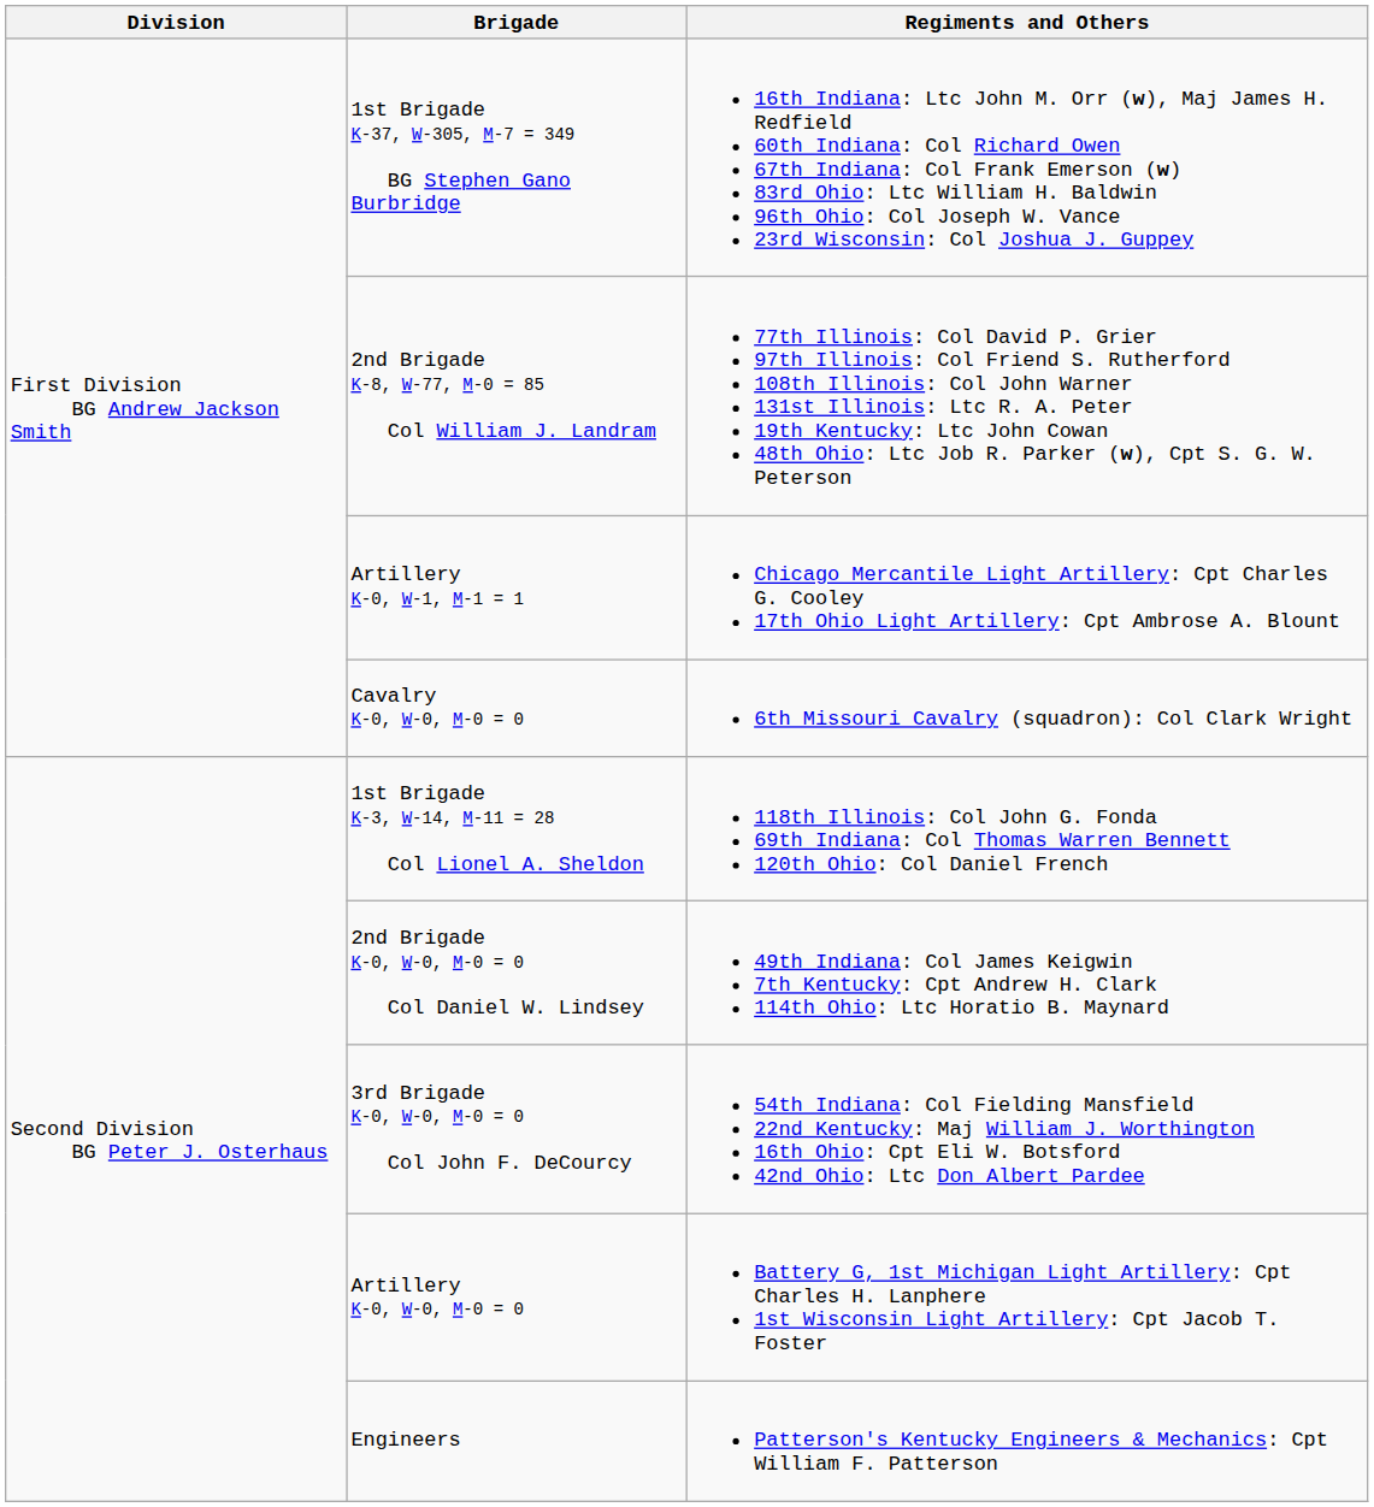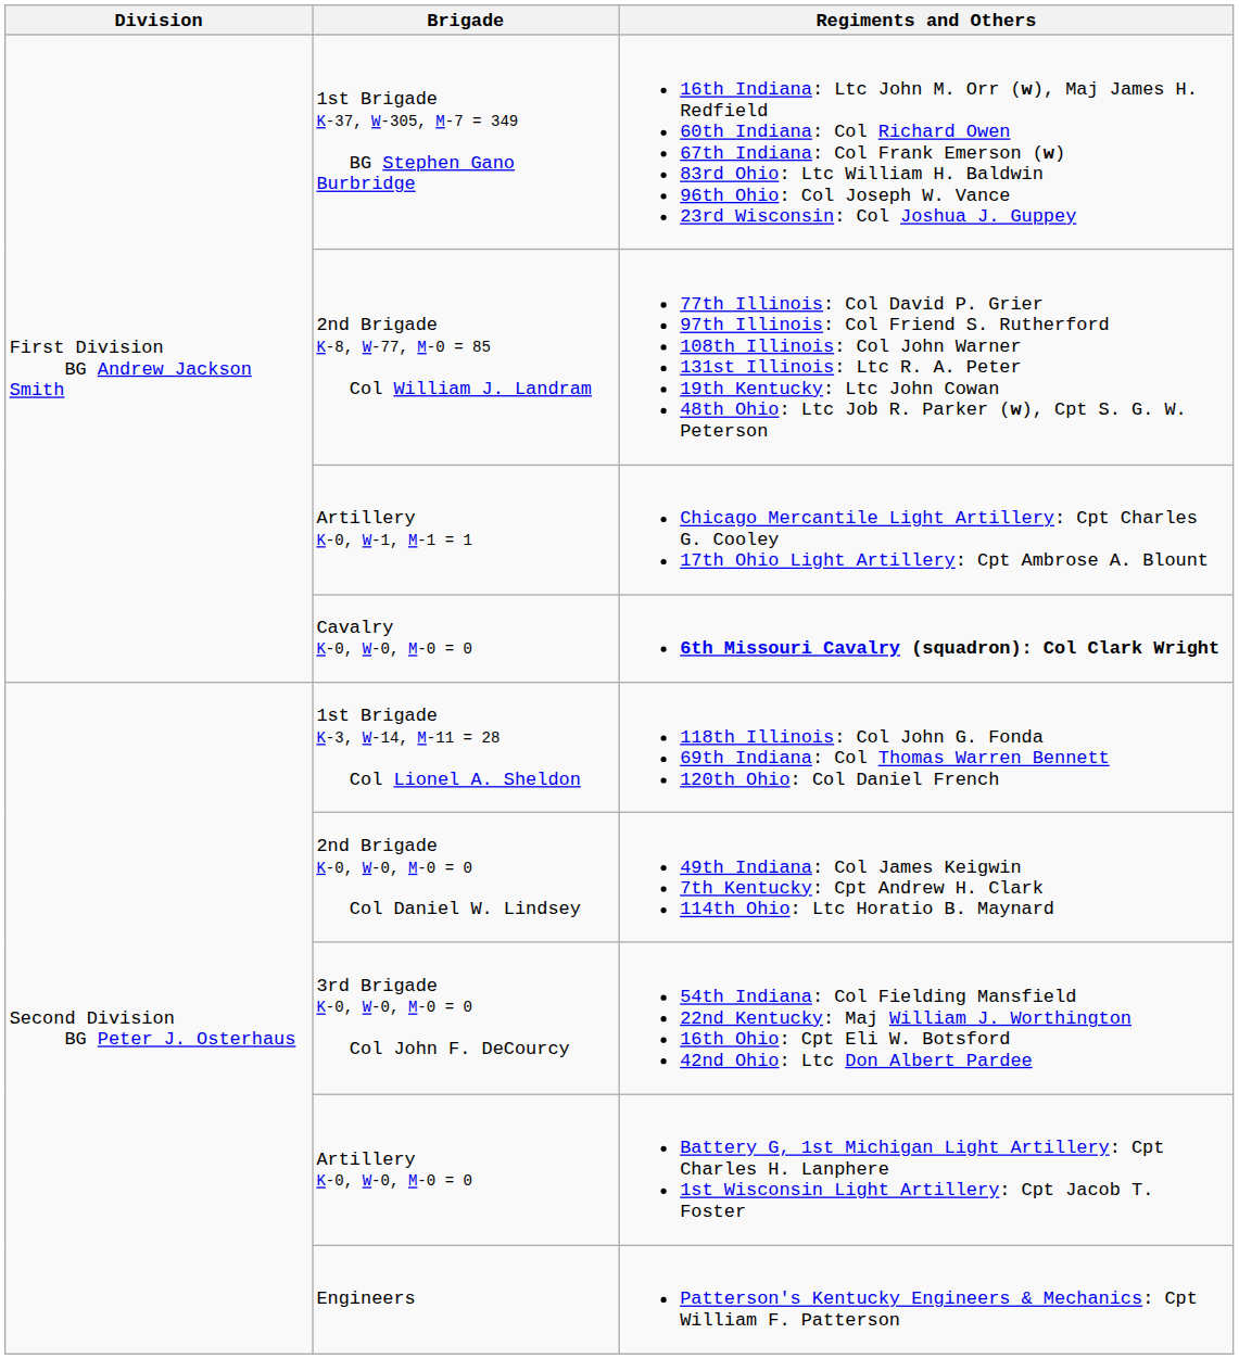 <table class="wikitable">
 <tr>
 <th width=25%>Division</th>
 <th width=25%>Brigade</th>
 <th>Regiments and Others</th>
 </tr>
 <tr>
 <td rowspan=4><br>First Division <br>     BG <a href='#'>Andrew Jackson Smith</a></td>
 <td>1st Brigade<br><small><a href='#'>K</a>-37, <a href='#'>W</a>-305, <a href='#'>M</a>-7 = 349</small><br><br>   BG <a href='#'>Stephen Gano Burbridge</a></td>
 <td><br><ul><li><a href='#'>16th Indiana</a>: Ltc John M. Orr (<strong>w</strong>), Maj James H. Redfield</li><li><a href='#'>60th Indiana</a>: Col <a href='#'>Richard Owen</a></li><li><a href='#'>67th Indiana</a>: Col Frank Emerson (<strong>w</strong>)</li><li><a href='#'>83rd Ohio</a>: Ltc William H. Baldwin</li><li><a href='#'>96th Ohio</a>: Col Joseph W. Vance</li><li><a href='#'>23rd Wisconsin</a>: Col <a href='#'>Joshua J. Guppey</a></li></ul></td>
 </tr>
 <tr>
 <td>2nd Brigade<br><small><a href='#'>K</a>-8, <a href='#'>W</a>-77, <a href='#'>M</a>-0 = 85</small><br><br>   Col <a href='#'>William J. Landram</a></td>
 <td><br><ul><li><a href='#'>77th Illinois</a>: Col David P. Grier</li><li><a href='#'>97th Illinois</a>: Col Friend S. Rutherford</li><li><a href='#'>108th Illinois</a>: Col John Warner</li><li><a href='#'>131st Illinois</a>: Ltc R. A. Peter</li><li><a href='#'>19th Kentucky</a>: Ltc John Cowan</li><li><a href='#'>48th Ohio</a>: Ltc Job R. Parker (<strong>w</strong>), Cpt S. G. W. Peterson</li></ul></td>
 </tr>
 <tr>
 <td>Artillery<br><small><a href='#'>K</a>-0, <a href='#'>W</a>-1, <a href='#'>M</a>-1 = 1</small></td>
 <td><br><ul><li><a href='#'>Chicago Mercantile Light Artillery</a>: Cpt Charles G. Cooley</li><li><a href='#'>17th Ohio Light Artillery</a>: Cpt Ambrose A. Blount</li></ul></td>
 </tr>
 <tr>
 <td>Cavalry<br><small><a href='#'>K</a>-0, <a href='#'>W</a>-0, <a href='#'>M</a>-0 = 0</small></td>
-<td><br><ul><li><a href='#'>6th Missouri Cavalry</a> (squadron): Col Clark Wright</li></ul></td>
+<td><strong><br><ul><li><a href='#'>6th Missouri Cavalry</a> (squadron): Col Clark Wright</li></ul></strong></td>
 </tr>
 <tr>
 <td rowspan=5><br>Second Division <br>     BG <a href='#'>Peter J. Osterhaus</a><br></td>
 <td>1st Brigade<br><small><a href='#'>K</a>-3, <a href='#'>W</a>-14, <a href='#'>M</a>-11 = 28</small><br><br>   Col <a href='#'>Lionel A. Sheldon</a></td>
 <td><br><ul><li><a href='#'>118th Illinois</a>: Col John G. Fonda</li><li><a href='#'>69th Indiana</a>: Col <a href='#'>Thomas Warren Bennett</a></li><li><a href='#'>120th Ohio</a>: Col Daniel French</li></ul></td>
 </tr>
 <tr>
 <td>2nd Brigade<br><small><a href='#'>K</a>-0, <a href='#'>W</a>-0, <a href='#'>M</a>-0 = 0</small><br><br>   Col Daniel W. Lindsey</td>
 <td><br><ul><li><a href='#'>49th Indiana</a>: Col James Keigwin</li><li><a href='#'>7th Kentucky</a>: Cpt Andrew H. Clark</li><li><a href='#'>114th Ohio</a>: Ltc Horatio B. Maynard</li></ul></td>
 </tr>
 <tr>
 <td>3rd Brigade<br><small><a href='#'>K</a>-0, <a href='#'>W</a>-0, <a href='#'>M</a>-0 = 0</small><br><br>   Col John F. DeCourcy</td>
 <td><br><ul><li><a href='#'>54th Indiana</a>: Col Fielding Mansfield</li><li><a href='#'>22nd Kentucky</a>: Maj <a href='#'>William J. Worthington</a></li><li><a href='#'>16th Ohio</a>: Cpt Eli W. Botsford</li><li><a href='#'>42nd Ohio</a>: Ltc <a href='#'>Don Albert Pardee</a></li></ul></td>
 </tr>
 <tr>
 <td>Artillery<br><small><a href='#'>K</a>-0, <a href='#'>W</a>-0, <a href='#'>M</a>-0 = 0</small></td>
 <td><br><ul><li><a href='#'>Battery G, 1st Michigan Light Artillery</a>: Cpt Charles H. Lanphere</li><li><a href='#'>1st Wisconsin Light Artillery</a>: Cpt Jacob T. Foster</li></ul></td>
 </tr>
 <tr>
 <td>Engineers</td>
 <td><br><ul><li><a href='#'>Patterson's Kentucky Engineers & Mechanics</a>: Cpt William F. Patterson</li></ul></td>
 </tr>
 <tr>
 </tr>
 </table>
